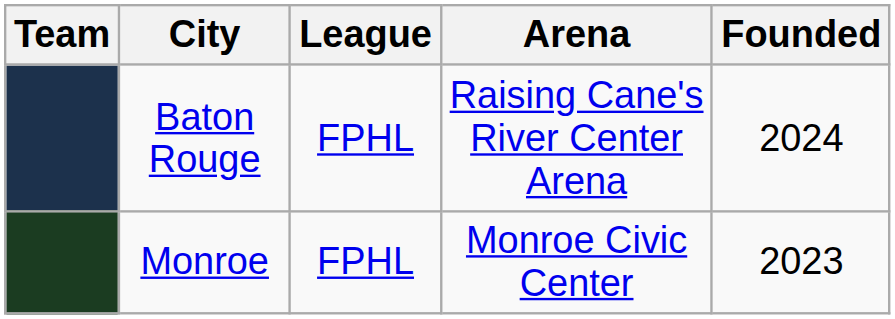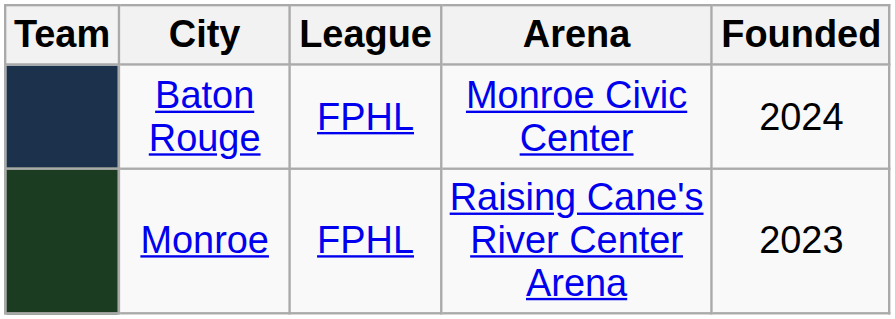 <table class="wikitable sortable" width="60%">
 <tr>
 <th>Team</th>
 <th>City</th>
 <th>League</th>
 <th>Arena</th>
 <th>Founded</th>
 </tr>
 <tr align=center>
 <td style="color:white; background:#1C314C; "><strong><a href='#'></a></strong></td>
 <td><a href='#'>Baton Rouge</a></td>
 <td><a href='#'>FPHL</a></td>
-<td><a href='#'>Raising Cane's River Center Arena</a></td>
+<td><a href='#'>Monroe Civic Center</a></td>
 <td>2024</td>
 </tr>
 <tr align=center>
 <td style="color:white; background:#1b3c21; "><strong><a href='#'></a></strong></td>
 <td><a href='#'>Monroe</a></td>
 <td><a href='#'>FPHL</a></td>
-<td><a href='#'>Monroe Civic Center</a></td>
+<td><a href='#'>Raising Cane's River Center Arena</a></td>
 <td>2023</td>
 </tr>
 </table>
